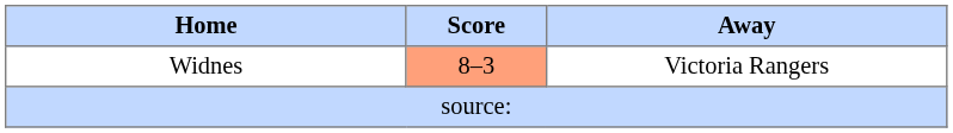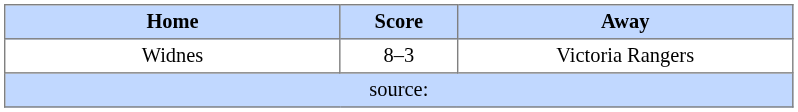 <table border=1 style="border-collapse:collapse; font-size:90%; text-align:center;" cellpadding=3 cellspacing=0 width=44%>
 <tr bgcolor=#C1D8FF>
 <th width=19%>Home</th>
 <th width=6%>Score</th>
 <th width=19%>Away</th>
 </tr>
 <tr>
 <td>Widnes</td>
-<td style="background: lightsalmon;">8–3</td>
+<td>8–3</td>
 <td>Victoria Rangers</td>
 </tr>
 <tr bgcolor=#C1D8FF>
 <td colspan=3>source:</td>
 </tr>
 </table>
